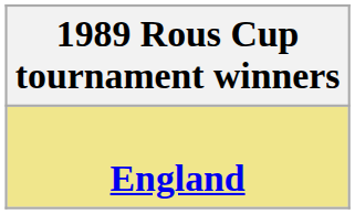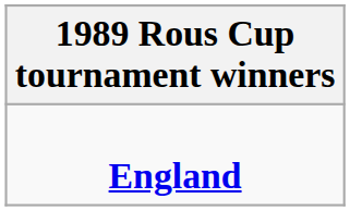 <table class="wikitable" style="text-align: center; margin: 0 auto;">
 <tr>
 <th>1989 Rous Cup <br>tournament winners</th>
 </tr>
 <tr>
-<td style="background: khaki;"><br><strong><a href='#'>England</a></strong></td>
+<td><br><strong><a href='#'>England</a></strong></td>
 </tr>
 </table>
